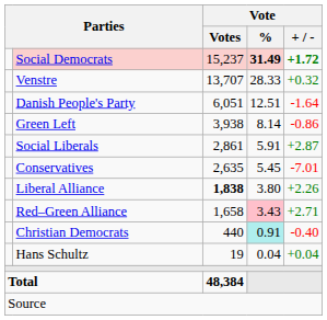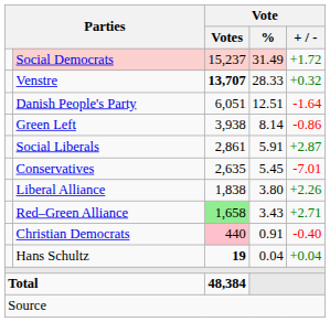 <table class="wikitable" style="text-align:right;">
 <tr>
 <th style="text-align:centre;" rowspan="2" colspan="2" width="225">Parties</th>
 <th colspan="3">Vote</th>
 </tr>
 <tr>
 <th width="15">Votes</th>
 <th width="15">%</th>
 <th width="15">+ / -</th>
 </tr>
 <tr>
 <td width="2" style="color:inherit;background:"></td>
 <td bgcolor=#fbd0ce  align="left"><a href='#'>Social Democrats</a></td>
 <td bgcolor=#fbd0ce>15,237</td>
-<td bgcolor=#fbd0ce><strong>31.49</strong></td>
-<td style=color:green;><strong>+1.72</strong></td>
+<td bgcolor=#fbd0ce>31.49</td>
+<td style=color:green;>+1.72</td>
 </tr>
 <tr>
 <td width="2" style="color:inherit;background:"></td>
 <td align="left"><a href='#'>Venstre</a></td>
-<td>13,707</td>
+<td><strong>13,707</strong></td>
 <td>28.33</td>
 <td style=color:green;>+0.32</td>
 </tr>
 <tr>
 <td width="2" style="color:inherit;background:"></td>
 <td align="left"><a href='#'>Danish People's Party</a></td>
 <td>6,051</td>
 <td>12.51</td>
 <td style=color:red;>-1.64</td>
 </tr>
 <tr>
 <td width="2" style="color:inherit;background:"></td>
 <td align="left"><a href='#'>Green Left</a></td>
 <td>3,938</td>
 <td>8.14</td>
 <td style=color:red;>-0.86</td>
 </tr>
 <tr>
 <td width="2" style="color:inherit;background:"></td>
 <td align="left"><a href='#'>Social Liberals</a></td>
 <td>2,861</td>
 <td>5.91</td>
 <td style=color:green;>+2.87</td>
 </tr>
 <tr>
 <td width="2" style="color:inherit;background:"></td>
 <td align="left"><a href='#'>Conservatives</a></td>
 <td>2,635</td>
 <td>5.45</td>
 <td style=color:red;>-7.01</td>
 </tr>
 <tr>
 <td width="2" style="color:inherit;background:"></td>
 <td align="left"><a href='#'>Liberal Alliance</a></td>
-<td><strong>1,838</strong></td>
+<td>1,838</td>
 <td>3.80</td>
 <td style=color:green;>+2.26</td>
 </tr>
 <tr>
 <td width="2" style="color:inherit;background:"></td>
 <td align="left"><a href='#'>Red–Green Alliance</a></td>
-<td>1,658</td>
-<td style="background: pink;">3.43</td>
+<td style="background: lightgreen;">1,658</td>
+<td>3.43</td>
 <td style=color:green;>+2.71</td>
 </tr>
 <tr>
 <td width="2" style="color:inherit;background:"></td>
 <td align="left"><a href='#'>Christian Democrats</a></td>
-<td>440</td>
-<td style="background: paleturquoise;">0.91</td>
+<td style="background: pink;">440</td>
+<td>0.91</td>
 <td style=color:red;>-0.40</td>
 </tr>
 <tr>
 <td width="2" style="color:inherit;background:"></td>
 <td align="left">Hans Schultz</td>
-<td>19</td>
+<td><strong>19</strong></td>
 <td>0.04</td>
 <td style=color:green;>+0.04</td>
 </tr>
 <tr>
 <td colspan="7" bgcolor="#E9E9E9"></td>
 </tr>
 <tr>
 <td align="left" colspan="2"><strong>Total</strong></td>
 <td><strong>48,384</strong></td>
 <td bgcolor="#E9E9E9" colspan="2"></td>
 </tr>
 <tr>
 <td align="left" colspan="6">Source</td>
 </tr>
 </table>
